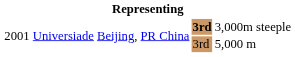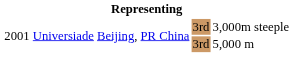 <table>
 <tr>
 <th colspan="5">Representing </th>
 </tr>
 <tr>
 <td rowspan=2>2001</td>
 <td rowspan=2><a href='#'>Universiade</a></td>
 <td rowspan=2><a href='#'>Beijing</a>, <a href='#'>PR China</a></td>
-<td bgcolor=cc9966><strong>3rd</strong></td>
+<td bgcolor=cc9966>3rd</td>
 <td>3,000m steeple</td>
 </tr>
 <tr>
 <td bgcolor=cc9966>3rd</td>
 <td>5,000 m</td>
 </tr>
 </table>
